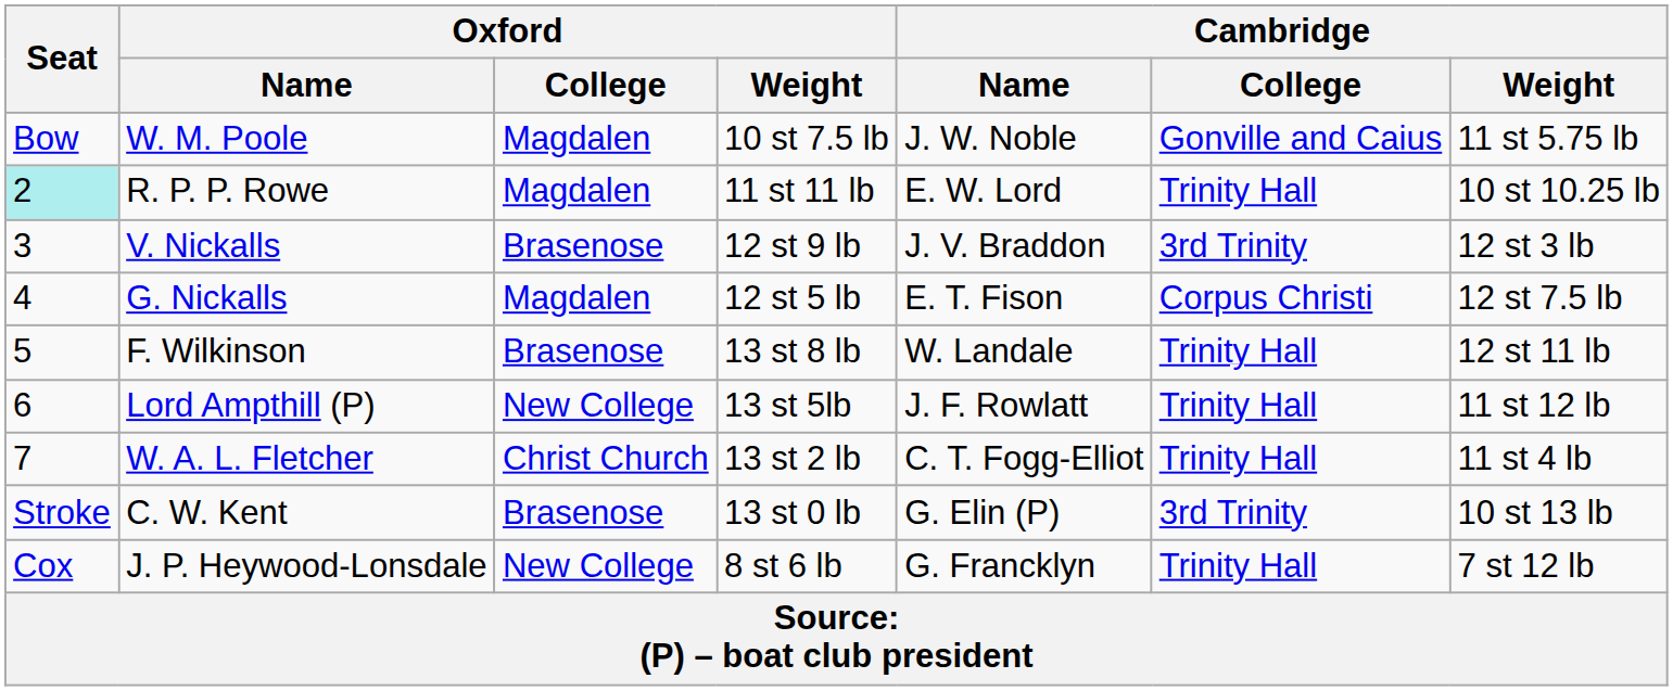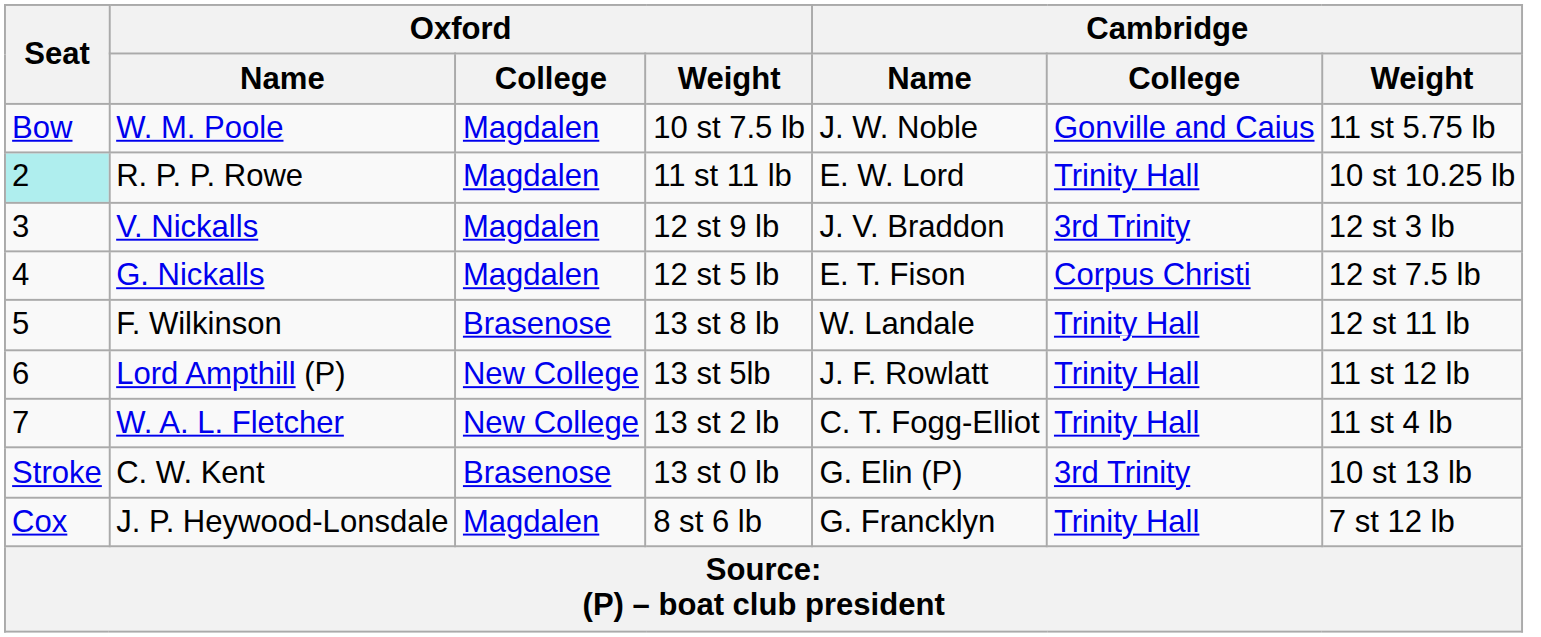 <table class="wikitable">
 <tr>
 <th rowspan="2" scope="col">Seat</th>
 <th colspan="3" scope="col">Oxford <br> </th>
 <th colspan="3" scope="col">Cambridge <br> </th>
 </tr>
 <tr>
 <th>Name</th>
 <th>College</th>
 <th>Weight</th>
 <th>Name</th>
 <th>College</th>
 <th>Weight</th>
 </tr>
 <tr>
 <td><a href='#'>Bow</a></td>
 <td><a href='#'>W. M. Poole</a></td>
 <td><a href='#'>Magdalen</a></td>
 <td>10 st 7.5 lb</td>
 <td>J. W. Noble</td>
 <td><a href='#'>Gonville and Caius</a></td>
 <td>11 st 5.75 lb</td>
 </tr>
 <tr>
 <td style="background: paleturquoise;">2</td>
 <td>R. P. P. Rowe</td>
 <td><a href='#'>Magdalen</a></td>
 <td>11 st 11 lb</td>
 <td>E. W. Lord</td>
 <td><a href='#'>Trinity Hall</a></td>
 <td>10 st 10.25 lb</td>
 </tr>
 <tr>
 <td>3</td>
 <td><a href='#'>V. Nickalls</a></td>
-<td><a href='#'>Brasenose</a></td>
+<td><a href='#'>Magdalen</a></td>
 <td>12 st 9 lb</td>
 <td>J. V. Braddon</td>
 <td><a href='#'>3rd Trinity</a></td>
 <td>12 st 3 lb</td>
 </tr>
 <tr>
 <td>4</td>
 <td><a href='#'>G. Nickalls</a></td>
 <td><a href='#'>Magdalen</a></td>
 <td>12 st 5 lb</td>
 <td>E. T. Fison</td>
 <td><a href='#'>Corpus Christi</a></td>
 <td>12 st 7.5 lb</td>
 </tr>
 <tr>
 <td>5</td>
 <td>F. Wilkinson</td>
 <td><a href='#'>Brasenose</a></td>
 <td>13 st 8 lb</td>
 <td>W. Landale</td>
 <td><a href='#'>Trinity Hall</a></td>
 <td>12 st 11 lb</td>
 </tr>
 <tr>
 <td>6</td>
 <td><a href='#'>Lord Ampthill</a> (P)</td>
 <td><a href='#'>New College</a></td>
 <td>13 st 5lb</td>
 <td>J. F. Rowlatt</td>
 <td><a href='#'>Trinity Hall</a></td>
 <td>11 st 12 lb</td>
 </tr>
 <tr>
 <td>7</td>
 <td><a href='#'>W. A. L. Fletcher</a></td>
-<td><a href='#'>Christ Church</a></td>
+<td><a href='#'>New College</a></td>
 <td>13 st 2 lb</td>
 <td>C. T. Fogg-Elliot</td>
 <td><a href='#'>Trinity Hall</a></td>
 <td>11 st 4 lb</td>
 </tr>
 <tr>
 <td><a href='#'>Stroke</a></td>
 <td>C. W. Kent</td>
 <td><a href='#'>Brasenose</a></td>
 <td>13 st 0 lb</td>
 <td>G. Elin (P)</td>
 <td><a href='#'>3rd Trinity</a></td>
 <td>10 st 13 lb</td>
 </tr>
 <tr>
 <td><a href='#'>Cox</a></td>
 <td>J. P. Heywood-Lonsdale</td>
-<td><a href='#'>New College</a></td>
+<td><a href='#'>Magdalen</a></td>
 <td>8 st 6 lb</td>
 <td>G. Francklyn</td>
 <td><a href='#'>Trinity Hall</a></td>
 <td>7 st 12 lb</td>
 </tr>
 <tr>
 <th colspan="7">Source:<br>(P) – boat club president</th>
 </tr>
 </table>
